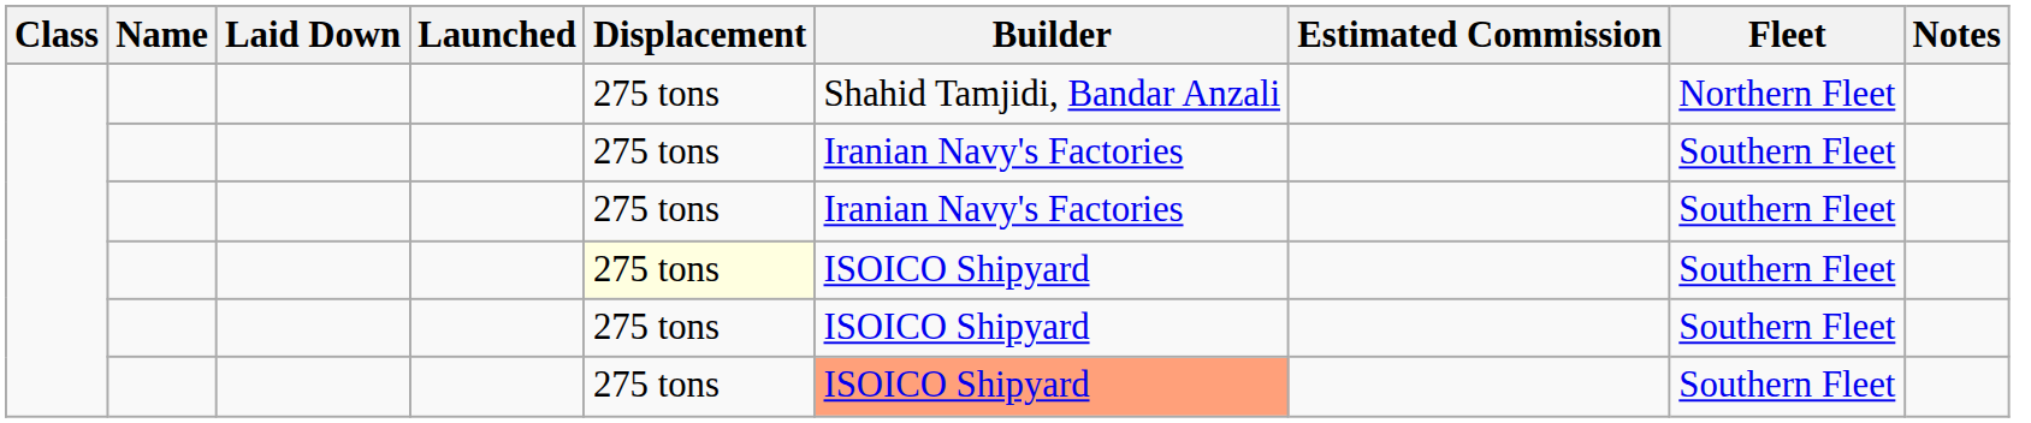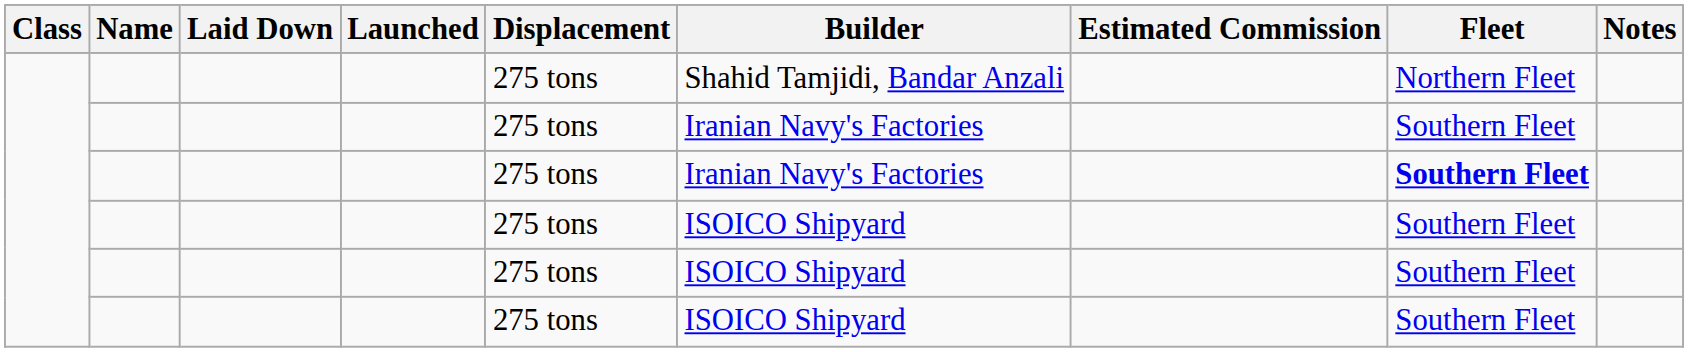 <table class="wikitable">
 <tr>
 <th>Class</th>
 <th>Name</th>
 <th>Laid Down</th>
 <th>Launched</th>
 <th>Displacement</th>
 <th>Builder</th>
 <th>Estimated Commission</th>
 <th>Fleet</th>
 <th>Notes</th>
 </tr>
 <tr>
 <td rowspan="6"></td>
 <td></td>
 <td></td>
 <td></td>
 <td>275 tons</td>
 <td>Shahid Tamjidi, <a href='#'>Bandar Anzali</a></td>
 <td></td>
 <td><a href='#'>Northern Fleet</a></td>
 <td></td>
 </tr>
 <tr>
 <td></td>
 <td></td>
 <td></td>
 <td>275 tons</td>
 <td><a href='#'>Iranian Navy's Factories</a></td>
 <td></td>
 <td><a href='#'>Southern Fleet</a></td>
 <td></td>
 </tr>
 <tr>
 <td></td>
 <td></td>
 <td></td>
 <td>275 tons</td>
 <td><a href='#'>Iranian Navy's Factories</a></td>
 <td></td>
-<td><a href='#'>Southern Fleet</a></td>
+<td><strong><a href='#'>Southern Fleet</a></strong></td>
 <td></td>
 </tr>
 <tr>
 <td></td>
 <td></td>
 <td></td>
-<td style="background: lightyellow;">275 tons</td>
+<td>275 tons</td>
 <td><a href='#'>ISOICO Shipyard</a></td>
 <td></td>
 <td><a href='#'>Southern Fleet</a></td>
 <td></td>
 </tr>
 <tr>
 <td></td>
 <td></td>
 <td></td>
 <td>275 tons</td>
 <td><a href='#'>ISOICO Shipyard</a></td>
 <td></td>
 <td><a href='#'>Southern Fleet</a></td>
 <td></td>
 </tr>
 <tr>
 <td></td>
 <td></td>
 <td></td>
 <td>275 tons</td>
-<td style="background: lightsalmon;"><a href='#'>ISOICO Shipyard</a></td>
+<td><a href='#'>ISOICO Shipyard</a></td>
 <td></td>
 <td><a href='#'>Southern Fleet</a></td>
 <td></td>
 </tr>
 </table>
